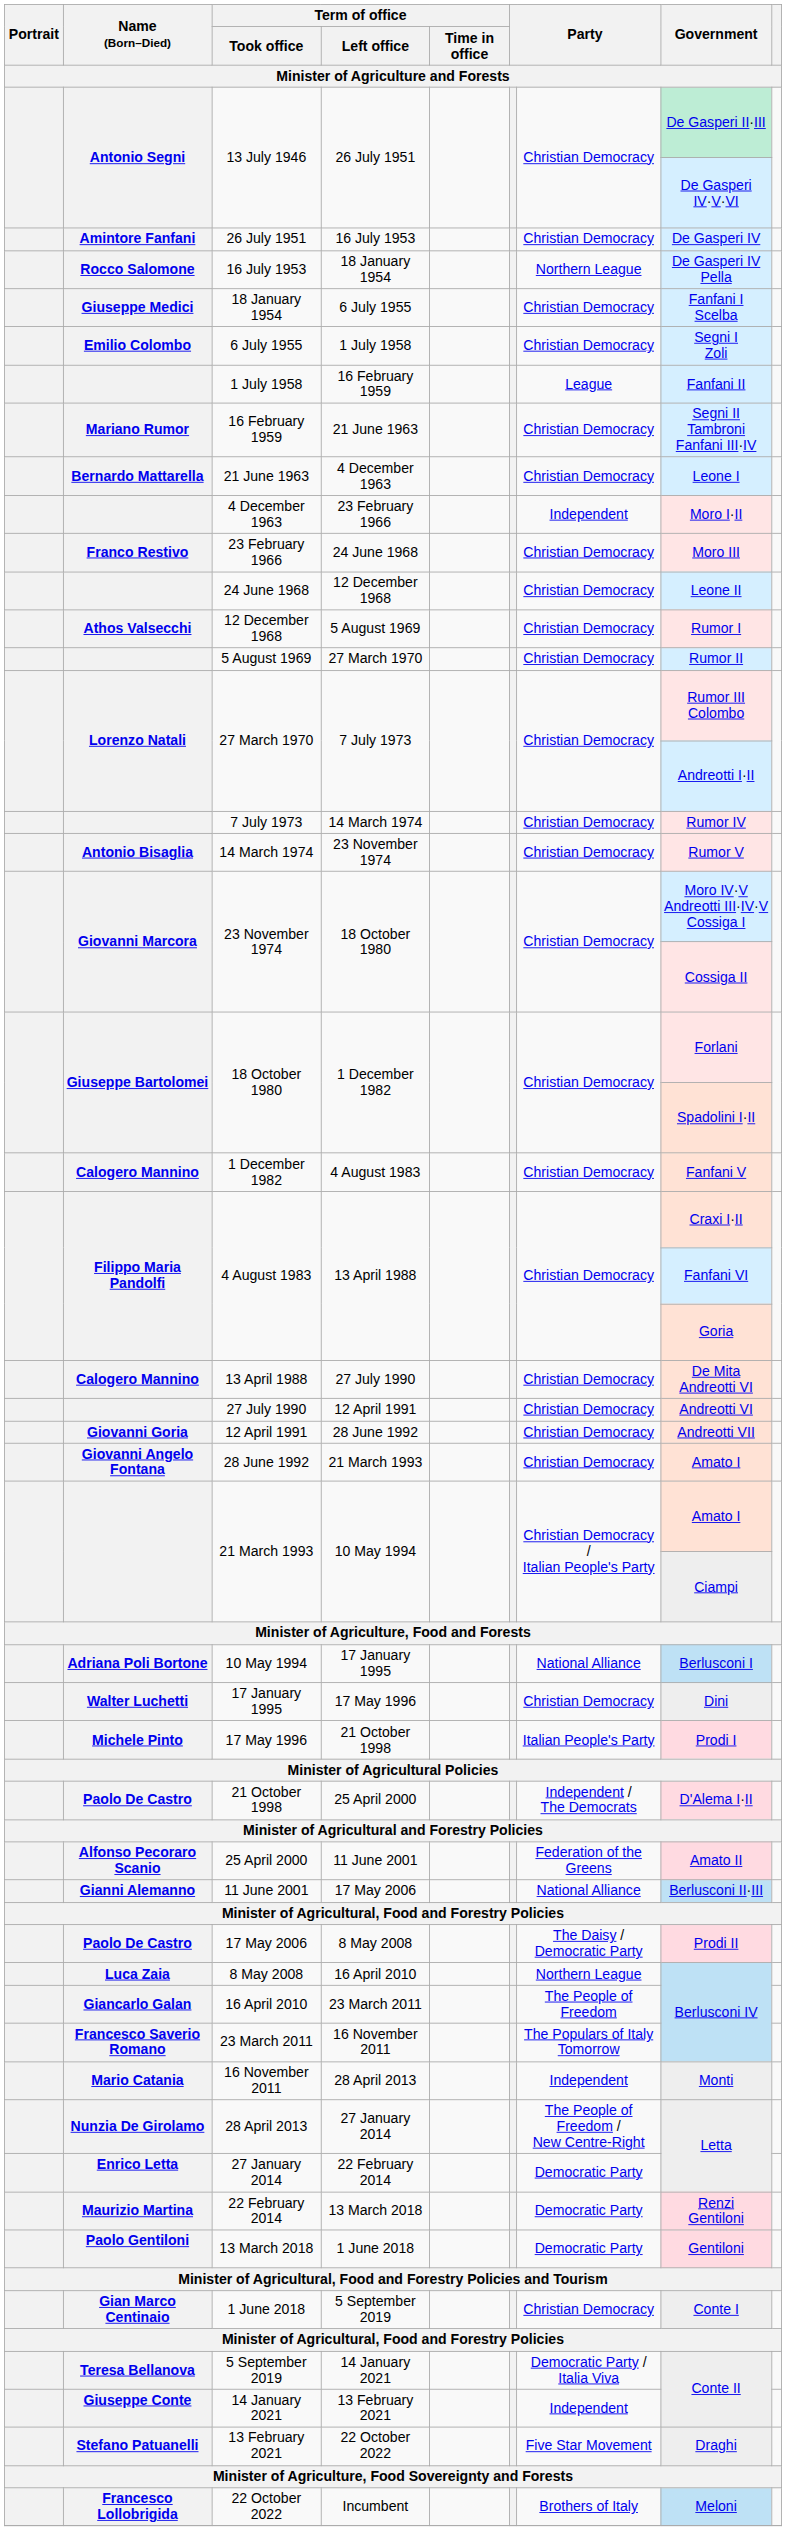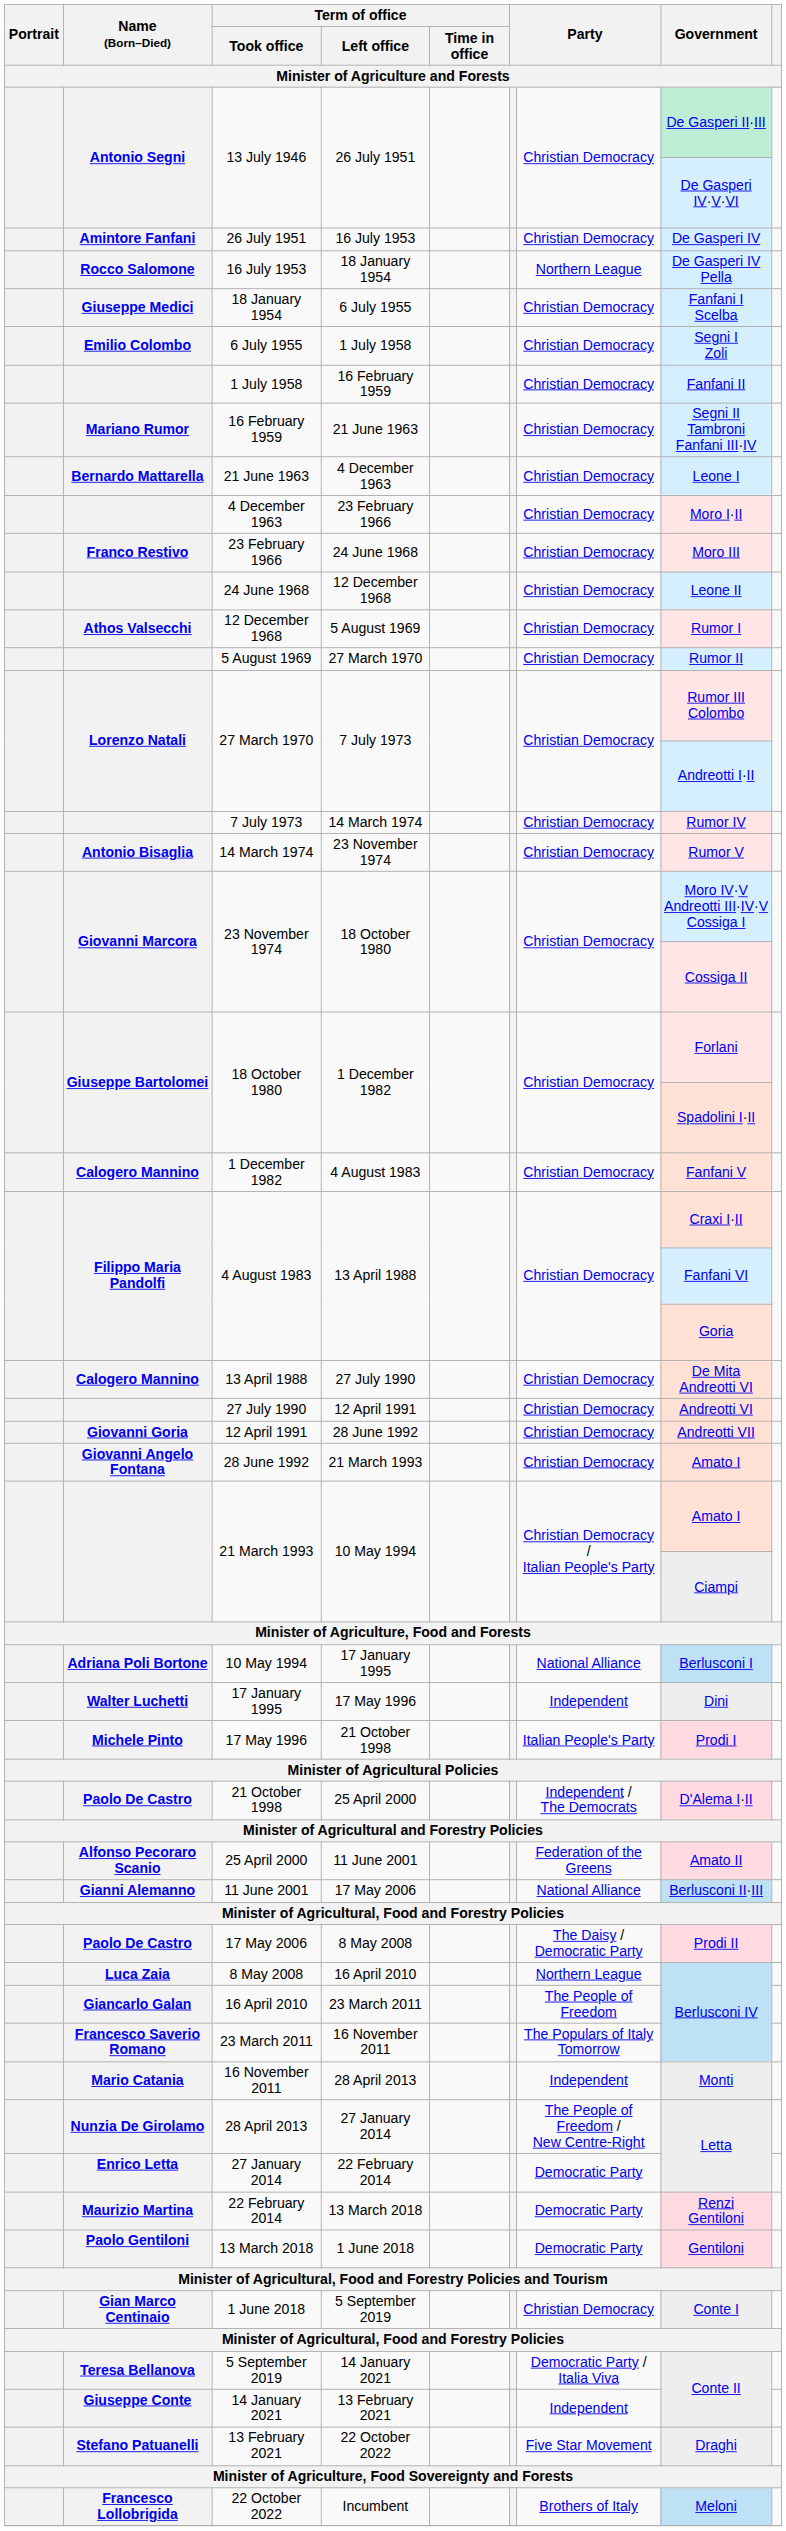 <table class="wikitable" style="text-align:center; style="width=100%">
 <tr>
 <th width=1% rowspan=2>Portrait</th>
 <th width=15% rowspan=2>Name<br><small>(Born–Died)</small></th>
 <th width=30% colspan=3>Term of office</th>
 <th width=15% rowspan=2 colspan=2>Party</th>
 <th width=10% rowspan=2>Government</th>
 <th width=1% rowspan=2></th>
 </tr>
 <tr style="text-align:center;">
 <th width=11%>Took office</th>
 <th width=11%>Left office</th>
 <th width=8%>Time in office</th>
 </tr>
 <tr>
 <th colspan=9>Minister of Agriculture and Forests</th>
 </tr>
 <tr style="height:5em;"->
 <th rowspan=2></th>
 <th scope="row" style="font-weight:normal" rowspan=2><strong><a href='#'>Antonio Segni</a></strong><br></th>
 <td rowspan=2>13 July 1946</td>
 <td rowspan=2>26 July 1951</td>
 <td rowspan=2></td>
 <th rowspan=2 style="background:"></th>
 <td rowspan=2><a href='#'>Christian Democracy</a></td>
 <td bgcolor=#BDEDD5><a href='#'>De Gasperi II</a>·<a href='#'>III</a></td>
 <td rowspan=2></td>
 </tr>
 <tr style="height:5em;">
 <td bgcolor=#D5EFFF><a href='#'>De Gasperi IV</a>·<a href='#'>V</a>·<a href='#'>VI</a></td>
 </tr>
 <tr>
 <th></th>
 <th scope="row" style="font-weight:normal"><strong><a href='#'>Amintore Fanfani</a></strong><br></th>
 <td>26 July 1951</td>
 <td>16 July 1953</td>
 <td></td>
 <th style="background:"></th>
 <td><a href='#'>Christian Democracy</a></td>
 <td bgcolor=#D5EFFF><a href='#'>De Gasperi IV</a></td>
 <td></td>
 </tr>
 <tr>
 <th></th>
 <th scope="row" style="font-weight:normal"><strong><a href='#'>Rocco Salomone</a></strong><br></th>
 <td>16 July 1953</td>
 <td>18 January 1954</td>
 <td></td>
 <th style="background:"></th>
 <td><a href='#'>Northern League</a></td>
 <td bgcolor=#D5EFFF><a href='#'>De Gasperi IV</a><br><a href='#'>Pella</a></td>
 <td></td>
 </tr>
 <tr>
 <th></th>
 <th scope="row" style="font-weight:normal"><strong><a href='#'>Giuseppe Medici</a></strong><br></th>
 <td>18 January 1954</td>
 <td>6 July 1955</td>
 <td></td>
 <th style="background:"></th>
 <td><a href='#'>Christian Democracy</a></td>
 <td bgcolor=#D5EFFF><a href='#'>Fanfani I</a><br><a href='#'>Scelba</a></td>
 <td></td>
 </tr>
 <tr>
 <th></th>
 <th scope="row" style="font-weight:normal"><strong><a href='#'>Emilio Colombo</a></strong><br></th>
 <td>6 July 1955</td>
 <td>1 July 1958</td>
 <td></td>
 <th style="background:"></th>
 <td><a href='#'>Christian Democracy</a></td>
 <td bgcolor=#D5EFFF><a href='#'>Segni I</a><br><a href='#'>Zoli</a></td>
 <td></td>
 </tr>
 <tr>
 <th></th>
 <th scope="row" style="font-weight:normal"><strong></strong><br></th>
 <td>1 July 1958</td>
 <td>16 February 1959</td>
 <td></td>
 <th style="background:"></th>
-<td><a href='#'>League</a></td>
+<td><a href='#'>Christian Democracy</a></td>
 <td bgcolor=#D5EFFF><a href='#'>Fanfani II</a></td>
 <td></td>
 </tr>
 <tr>
 <th></th>
 <th scope="row" style="font-weight:normal"><strong><a href='#'>Mariano Rumor</a></strong><br></th>
 <td>16 February 1959</td>
 <td>21 June 1963</td>
 <td></td>
 <th style="background:"></th>
 <td><a href='#'>Christian Democracy</a></td>
 <td bgcolor=#D5EFFF><a href='#'>Segni II</a><br><a href='#'>Tambroni</a><br><a href='#'>Fanfani III</a>·<a href='#'>IV</a></td>
 <td></td>
 </tr>
 <tr>
 <th></th>
 <th scope="row" style="font-weight:normal"><strong><a href='#'>Bernardo Mattarella</a></strong><br></th>
 <td>21 June 1963</td>
 <td>4 December 1963</td>
 <td></td>
 <th style="background:"></th>
 <td><a href='#'>Christian Democracy</a></td>
 <td bgcolor=#D5EFFF><a href='#'>Leone I</a></td>
 <td></td>
 </tr>
 <tr>
 <th></th>
 <th scope="row" style="font-weight:normal"><strong></strong><br></th>
 <td>4 December 1963</td>
 <td>23 February 1966</td>
 <td></td>
 <th style="background:"></th>
-<td><a href='#'>Independent</a></td>
+<td><a href='#'>Christian Democracy</a></td>
 <td bgcolor=#FFE5E5><a href='#'>Moro I</a>·<a href='#'>II</a></td>
 <td></td>
 </tr>
 <tr>
 <th></th>
 <th scope="row" style="font-weight:normal"><strong><a href='#'>Franco Restivo</a></strong><br></th>
 <td>23 February 1966</td>
 <td>24 June 1968</td>
 <td></td>
 <th style="background:"></th>
 <td><a href='#'>Christian Democracy</a></td>
 <td bgcolor=#FFE5E5><a href='#'>Moro III</a></td>
 <td></td>
 </tr>
 <tr>
 <th></th>
 <th scope="row" style="font-weight:normal"><strong></strong><br></th>
 <td>24 June 1968</td>
 <td>12 December 1968</td>
 <td></td>
 <th style="background:"></th>
 <td><a href='#'>Christian Democracy</a></td>
 <td bgcolor=#D5EFFF><a href='#'>Leone II</a></td>
 <td></td>
 </tr>
 <tr>
 <th></th>
 <th scope="row" style="font-weight:normal"><strong><a href='#'>Athos Valsecchi</a></strong><br></th>
 <td>12 December 1968</td>
 <td>5 August 1969</td>
 <td></td>
 <th style="background:"></th>
 <td><a href='#'>Christian Democracy</a></td>
 <td bgcolor=#FFE5E5><a href='#'>Rumor I</a></td>
 <td></td>
 </tr>
 <tr>
 <th></th>
 <th scope="row" style="font-weight:normal"><strong></strong><br></th>
 <td>5 August 1969</td>
 <td>27 March 1970</td>
 <td></td>
 <th style="background:"></th>
 <td><a href='#'>Christian Democracy</a></td>
 <td bgcolor=#D5EFFF><a href='#'>Rumor II</a></td>
 <td></td>
 </tr>
 <tr style="height:5em;">
 <th rowspan=2></th>
 <th scope="row" style="font-weight:normal" rowspan=2><strong><a href='#'>Lorenzo Natali</a></strong><br></th>
 <td rowspan=2>27 March 1970</td>
 <td rowspan=2>7 July 1973</td>
 <td rowspan=2></td>
 <th rowspan=2 style="background:"></th>
 <td rowspan=2><a href='#'>Christian Democracy</a></td>
 <td bgcolor=#FFE5E5><a href='#'>Rumor III</a><br><a href='#'>Colombo</a></td>
 <td rowspan=2></td>
 </tr>
 <tr style="height:5em;">
 <td bgcolor=#D5EFFF><a href='#'>Andreotti I</a>·<a href='#'>II</a></td>
 </tr>
 <tr>
 <th></th>
 <th scope="row" style="font-weight:normal"><strong></strong><br></th>
 <td>7 July 1973</td>
 <td>14 March 1974</td>
 <td></td>
 <th style="background:"></th>
 <td><a href='#'>Christian Democracy</a></td>
 <td bgcolor=#FFE5E5><a href='#'>Rumor IV</a></td>
 <td></td>
 </tr>
 <tr>
 <th></th>
 <th scope="row" style="font-weight:normal"><strong><a href='#'>Antonio Bisaglia</a></strong><br></th>
 <td>14 March 1974</td>
 <td>23 November 1974</td>
 <td></td>
 <th style="background:"></th>
 <td><a href='#'>Christian Democracy</a></td>
 <td bgcolor=#FFE5E5><a href='#'>Rumor V</a></td>
 <td></td>
 </tr>
 <tr style="height:5em;">
 <th rowspan=2></th>
 <th scope="row" style="font-weight:normal" rowspan=2><strong><a href='#'>Giovanni Marcora</a></strong><br></th>
 <td rowspan=2>23 November 1974</td>
 <td rowspan=2>18 October 1980</td>
 <td rowspan=2></td>
 <th rowspan=2 style="background:"></th>
 <td rowspan=2><a href='#'>Christian Democracy</a></td>
 <td bgcolor=#D5EFFF><a href='#'>Moro IV</a>·<a href='#'>V</a><br><a href='#'>Andreotti III</a>·<a href='#'>IV</a>·<a href='#'>V</a><br><a href='#'>Cossiga I</a></td>
 <td rowspan=2></td>
 </tr>
 <tr style="height:5em;">
 <td bgcolor=#FFE5E5><a href='#'>Cossiga II</a></td>
 </tr>
 <tr style="height:5em;">
 <th rowspan=2></th>
 <th scope="row" style="font-weight:normal" rowspan=2><strong><a href='#'>Giuseppe Bartolomei</a></strong><br></th>
 <td rowspan=2>18 October 1980</td>
 <td rowspan=2>1 December 1982</td>
 <td rowspan=2></td>
 <th rowspan=2 style="background:"></th>
 <td rowspan=2><a href='#'>Christian Democracy</a></td>
 <td bgcolor=#FFE5E5><a href='#'>Forlani</a></td>
 <td rowspan=2></td>
 </tr>
 <tr style="height:5em;">
 <td bgcolor=#FFE2D5><a href='#'>Spadolini I</a>·<a href='#'>II</a></td>
 </tr>
 <tr>
 <th></th>
 <th scope="row" style="font-weight:normal"><strong><a href='#'>Calogero Mannino</a></strong><br></th>
 <td>1 December 1982</td>
 <td>4 August 1983</td>
 <td></td>
 <th style="background:"></th>
 <td><a href='#'>Christian Democracy</a></td>
 <td bgcolor=#FFE2D5><a href='#'>Fanfani V</a></td>
 <td></td>
 </tr>
 <tr style="height:4em;">
 <th rowspan=3></th>
 <th scope="row" style="font-weight:normal" rowspan=3><strong><a href='#'>Filippo Maria Pandolfi</a></strong><br></th>
 <td rowspan=3>4 August 1983</td>
 <td rowspan=3>13 April 1988</td>
 <td rowspan=3></td>
 <th rowspan=3 style="background:"></th>
 <td rowspan=3><a href='#'>Christian Democracy</a></td>
 <td bgcolor=#FFE2D5><a href='#'>Craxi I</a>·<a href='#'>II</a></td>
 <td rowspan=3></td>
 </tr>
 <tr style="height:4em;">
 <td bgcolor=#D5EFFF><a href='#'>Fanfani VI</a></td>
 </tr>
 <tr style="height:4em;">
 <td bgcolor=#FFE2D5><a href='#'>Goria</a></td>
 </tr>
 <tr>
 <th></th>
 <th scope="row" style="font-weight:normal"><strong><a href='#'>Calogero Mannino</a></strong><br></th>
 <td>13 April 1988</td>
 <td>27 July 1990</td>
 <td></td>
 <th style="background:"></th>
 <td><a href='#'>Christian Democracy</a></td>
 <td bgcolor=#FFE2D5><a href='#'>De Mita</a><br><a href='#'>Andreotti VI</a></td>
 <td></td>
 </tr>
 <tr>
 <th></th>
 <th scope="row" style="font-weight:normal"><strong></strong><br></th>
 <td>27 July 1990</td>
 <td>12 April 1991</td>
 <td></td>
 <th style="background:"></th>
 <td><a href='#'>Christian Democracy</a></td>
 <td bgcolor=#FFE2D5><a href='#'>Andreotti VI</a></td>
 <td></td>
 </tr>
 <tr>
 <th></th>
 <th scope="row" style="font-weight:normal"><strong><a href='#'>Giovanni Goria</a></strong><br></th>
 <td>12 April 1991</td>
 <td>28 June 1992</td>
 <td></td>
 <th style="background:"></th>
 <td><a href='#'>Christian Democracy</a></td>
 <td bgcolor=#FFE2D5><a href='#'>Andreotti VII</a></td>
 <td></td>
 </tr>
 <tr>
 <th></th>
 <th scope="row" style="font-weight:normal"><strong><a href='#'>Giovanni Angelo Fontana</a></strong><br></th>
 <td>28 June 1992</td>
 <td>21 March 1993</td>
 <td></td>
 <th style="background:"></th>
 <td><a href='#'>Christian Democracy</a></td>
 <td bgcolor=#FFE2D5><a href='#'>Amato I</a></td>
 <td></td>
 </tr>
 <tr style="height:5em;">
 <th rowspan=2></th>
 <th scope="row" style="font-weight:normal" rowspan=2><strong></strong><br></th>
 <td rowspan=2>21 March 1993</td>
 <td rowspan=2>10 May 1994</td>
 <td rowspan=2></td>
 <th rowspan=2 style="background:"></th>
 <td rowspan=2><a href='#'>Christian Democracy</a> /<br><a href='#'>Italian People's Party</a></td>
 <td bgcolor=#FFE2D5><a href='#'>Amato I</a></td>
 <td rowspan=2></td>
 </tr>
 <tr style="height:5em;">
 <td bgcolor=#EEEEEE><a href='#'>Ciampi</a></td>
 </tr>
 <tr>
 <th colspan=9>Minister of Agriculture, Food and Forests</th>
 </tr>
 <tr>
 <th></th>
 <th scope="row" style="font-weight:normal"><strong><a href='#'>Adriana Poli Bortone</a></strong><br></th>
 <td>10 May 1994</td>
 <td>17 January 1995</td>
 <td></td>
 <th style="background:"></th>
 <td><a href='#'>National Alliance</a></td>
 <td bgcolor=#BEE1F5><a href='#'>Berlusconi I</a></td>
 <td></td>
 </tr>
 <tr>
 <th></th>
 <th scope="row" style="font-weight:normal"><strong><a href='#'>Walter Luchetti</a></strong><br></th>
 <td>17 January 1995</td>
 <td>17 May 1996</td>
 <td></td>
 <th style="background:"></th>
-<td><a href='#'>Christian Democracy</a></td>
+<td><a href='#'>Independent</a></td>
 <td bgcolor=#EEEEEE><a href='#'>Dini</a></td>
 <td></td>
 </tr>
 <tr>
 <th></th>
 <th scope="row" style="font-weight:normal"><strong><a href='#'>Michele Pinto</a></strong><br></th>
 <td>17 May 1996</td>
 <td>21 October 1998</td>
 <td></td>
 <th style="background:"></th>
 <td><a href='#'>Italian People's Party</a></td>
 <td bgcolor=#FFDAE1><a href='#'>Prodi I</a></td>
 <td></td>
 </tr>
 <tr>
 <th colspan=9>Minister of Agricultural Policies</th>
 </tr>
 <tr>
 <th></th>
 <th scope="row" style="font-weight:normal"><strong><a href='#'>Paolo De Castro</a></strong><br></th>
 <td>21 October 1998</td>
 <td>25 April 2000</td>
 <td></td>
 <th style="background:"></th>
 <td><a href='#'>Independent</a> /<br><a href='#'>The Democrats</a></td>
 <td bgcolor=#FFDAE1><a href='#'>D'Alema I</a>·<a href='#'>II</a></td>
 <td></td>
 </tr>
 <tr>
 <th colspan=9>Minister of Agricultural and Forestry Policies</th>
 </tr>
 <tr>
 <th></th>
 <th scope="row" style="font-weight:normal"><strong><a href='#'>Alfonso Pecoraro Scanio</a></strong><br></th>
 <td>25 April 2000</td>
 <td>11 June 2001</td>
 <td></td>
 <th style="background:"></th>
 <td><a href='#'>Federation of the Greens</a></td>
 <td bgcolor=#FFDAE1><a href='#'>Amato II</a></td>
 <td></td>
 </tr>
 <tr>
 <th></th>
 <th scope="row" style="font-weight:normal"><strong><a href='#'>Gianni Alemanno</a></strong><br></th>
 <td>11 June 2001</td>
 <td>17 May 2006</td>
 <td></td>
 <th style="background:"></th>
 <td><a href='#'>National Alliance</a></td>
 <td bgcolor=#BEE1F5><a href='#'>Berlusconi II</a>·<a href='#'>III</a></td>
 <td></td>
 </tr>
 <tr>
 <th colspan=9>Minister of Agricultural, Food and Forestry Policies</th>
 </tr>
 <tr>
 <th></th>
 <th scope="row" style="font-weight:normal"><strong><a href='#'>Paolo De Castro</a></strong><br></th>
 <td>17 May 2006</td>
 <td>8 May 2008</td>
 <td></td>
 <th style="background:"></th>
 <td><a href='#'>The Daisy</a> /<br><a href='#'>Democratic Party</a></td>
 <td bgcolor=#FFDAE1><a href='#'>Prodi II</a></td>
 <td></td>
 </tr>
 <tr>
 <th></th>
 <th scope="row" style="font-weight:normal"><strong><a href='#'>Luca Zaia</a></strong><br></th>
 <td>8 May 2008</td>
 <td>16 April 2010</td>
 <td></td>
 <th style="background:"></th>
 <td><a href='#'>Northern League</a></td>
 <td rowspan=3 bgcolor=#BEE1F5><a href='#'>Berlusconi IV</a></td>
 <td></td>
 </tr>
 <tr>
 <th></th>
 <th scope="row" style="font-weight:normal"><strong><a href='#'>Giancarlo Galan</a></strong><br></th>
 <td>16 April 2010</td>
 <td>23 March 2011</td>
 <td></td>
 <th style="background:"></th>
 <td><a href='#'>The People of Freedom</a></td>
 <td></td>
 </tr>
 <tr>
 <th></th>
 <th scope="row" style="font-weight:normal"><strong><a href='#'>Francesco Saverio Romano</a></strong><br></th>
 <td>23 March 2011</td>
 <td>16 November 2011</td>
 <td></td>
 <th style="background:"></th>
 <td><a href='#'>The Populars of Italy Tomorrow</a></td>
 <td></td>
 </tr>
 <tr>
 <th></th>
 <th scope="row" style="font-weight:normal"><strong><a href='#'>Mario Catania</a></strong><br></th>
 <td>16 November 2011</td>
 <td>28 April 2013</td>
 <td></td>
 <th style="background:"></th>
 <td><a href='#'>Independent</a></td>
 <td bgcolor=#EEEEEE><a href='#'>Monti</a></td>
 <td></td>
 </tr>
 <tr>
 <th></th>
 <th scope="row" style="font-weight:normal"><strong><a href='#'>Nunzia De Girolamo</a></strong><br></th>
 <td>28 April 2013</td>
 <td>27 January 2014</td>
 <td></td>
 <th style="background:"></th>
 <td><a href='#'>The People of Freedom</a> /<br><a href='#'>New Centre-Right</a></td>
 <td rowspan=2 bgcolor=#EEEEEE><a href='#'>Letta</a></td>
 <td></td>
 </tr>
 <tr>
 <th></th>
 <th scope="row" style="font-weight:normal"><strong><a href='#'>Enrico Letta</a></strong><br><br><em></em></th>
 <td>27 January 2014</td>
 <td>22 February 2014</td>
 <td></td>
 <th style="background:"></th>
 <td><a href='#'>Democratic Party</a></td>
 <td></td>
 </tr>
 <tr>
 <th></th>
 <th scope="row" style="font-weight:normal"><strong><a href='#'>Maurizio Martina</a></strong><br></th>
 <td>22 February 2014</td>
 <td>13 March 2018</td>
 <td></td>
 <th style="background:"></th>
 <td><a href='#'>Democratic Party</a></td>
 <td bgcolor=#FFDAE1><a href='#'>Renzi</a><br><a href='#'>Gentiloni</a></td>
 <td></td>
 </tr>
 <tr>
 <th></th>
 <th scope="row" style="font-weight:normal"><strong><a href='#'>Paolo Gentiloni</a></strong><br><br><em></em></th>
 <td>13 March 2018</td>
 <td>1 June 2018</td>
 <td></td>
 <th style="background:"></th>
 <td><a href='#'>Democratic Party</a></td>
 <td bgcolor=#FFDAE1><a href='#'>Gentiloni</a></td>
 <td></td>
 </tr>
 <tr>
 <th colspan=9>Minister of Agricultural, Food and Forestry Policies and Tourism</th>
 </tr>
 <tr>
 <th></th>
 <th scope="row" style="font-weight:normal"><strong><a href='#'>Gian Marco Centinaio</a></strong><br></th>
 <td>1 June 2018</td>
 <td>5 September 2019</td>
 <td></td>
 <th style="background:"></th>
 <td><a href='#'>Christian Democracy</a></td>
 <td bgcolor=#EEEEEE><a href='#'>Conte I</a></td>
 <td></td>
 </tr>
 <tr>
 <th colspan=9>Minister of Agricultural, Food and Forestry Policies</th>
 </tr>
 <tr>
 <th></th>
 <th scope="row" style="font-weight:normal"><strong><a href='#'>Teresa Bellanova</a></strong><br></th>
 <td>5 September 2019</td>
 <td>14 January 2021</td>
 <td></td>
 <th style="background:"></th>
 <td><a href='#'>Democratic Party</a> /<br><a href='#'>Italia Viva</a></td>
 <td rowspan=2 bgcolor=#EEEEEE><a href='#'>Conte II</a></td>
 <td></td>
 </tr>
 <tr>
 <th></th>
 <th scope="row" style="font-weight:normal"><strong><a href='#'>Giuseppe Conte</a></strong><br><br><em></em></th>
 <td>14 January 2021</td>
 <td>13 February 2021</td>
 <td></td>
 <th style="background:"></th>
 <td><a href='#'>Independent</a></td>
 <td></td>
 </tr>
 <tr>
 <th></th>
 <th scope="row" style="font-weight:normal"><strong><a href='#'>Stefano Patuanelli</a></strong><br></th>
 <td>13 February 2021</td>
 <td>22 October 2022</td>
 <td></td>
 <th style="background:"></th>
 <td><a href='#'>Five Star Movement</a></td>
 <td bgcolor=#EEEEEE><a href='#'>Draghi</a></td>
 <td></td>
 </tr>
 <tr>
 <th colspan=9>Minister of Agriculture, Food Sovereignty and Forests</th>
 </tr>
 <tr>
 <th></th>
 <th scope="row" style="font-weight:normal"><strong><a href='#'>Francesco Lollobrigida</a></strong><br></th>
 <td>22 October 2022</td>
 <td>Incumbent</td>
 <td></td>
 <th style="background:"></th>
 <td><a href='#'>Brothers of Italy</a></td>
 <td bgcolor=#BEE1F5><a href='#'>Meloni</a></td>
 <td></td>
 </tr>
 <tr>
 </tr>
 </table>
